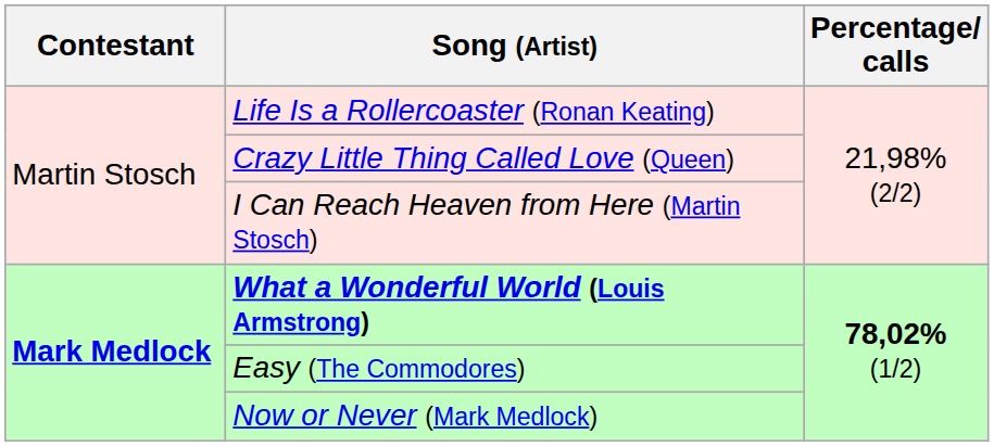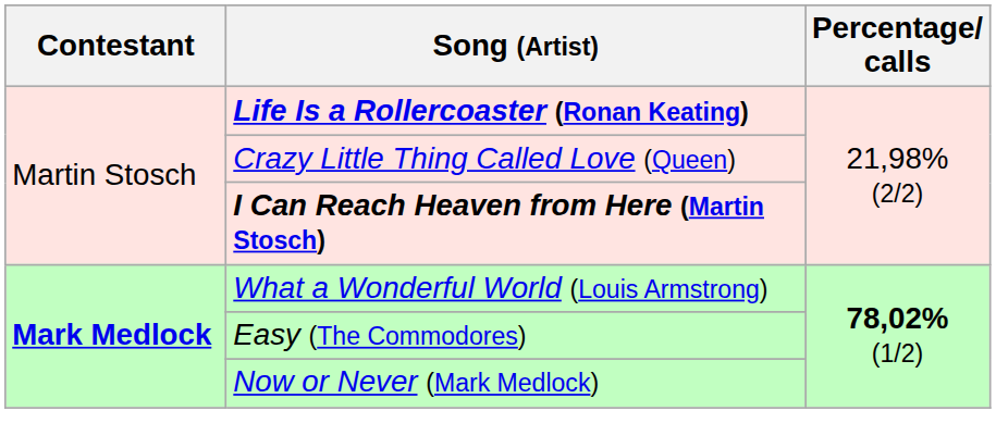 <table class="wikitable">
 <tr>
 <th width="110">Contestant</th>
 <th width="300">Song <small>(Artist)</small></th>
 <th width="28">Percentage/<br>calls</th>
 </tr>
 <tr bgcolor="#FFE4E1">
 <td align="left" rowspan="3">Martin Stosch</td>
-<td align="left"><em><a href='#'>Life Is a Rollercoaster</a></em> <small>(<a href='#'>Ronan Keating</a>)</small></td>
+<td align="left"><strong><em><a href='#'>Life Is a Rollercoaster</a></em> <small>(<a href='#'>Ronan Keating</a>)</small></strong></td>
 <td align="center" rowspan="3">21,98%<br><small>(2/2)</small></td>
 </tr>
 <tr bgcolor="#FFE4E1">
 <td align="left"><em><a href='#'>Crazy Little Thing Called Love</a></em> <small>(<a href='#'>Queen</a>)</small></td>
 </tr>
 <tr bgcolor="#FFE4E1">
-<td align="left"><em>I Can Reach Heaven from Here</em> <small>(<a href='#'>Martin Stosch</a>)</small></td>
+<td align="left"><strong><em>I Can Reach Heaven from Here</em> <small>(<a href='#'>Martin Stosch</a>)</small></strong></td>
 </tr>
 <tr bgcolor="#C1FFC1">
 <td align="left" rowspan="3"><strong><a href='#'>Mark Medlock</a></strong></td>
-<td align="left"><strong><em><a href='#'>What a Wonderful World</a></em> <small>(<a href='#'>Louis Armstrong</a>)</small></strong></td>
+<td align="left"><em><a href='#'>What a Wonderful World</a></em> <small>(<a href='#'>Louis Armstrong</a>)</small></td>
 <td align="center" rowspan="3"><strong>78,02%</strong><br><small>(1/2)</small></td>
 </tr>
 <tr bgcolor="#C1FFC1">
 <td align="left"><em>Easy</em> <small>(<a href='#'>The Commodores</a>)</small></td>
 </tr>
 <tr bgcolor="#C1FFC1">
 <td align="left"><em><a href='#'>Now or Never</a></em> <small>(<a href='#'>Mark Medlock</a>)</small></td>
 </tr>
 </table>
